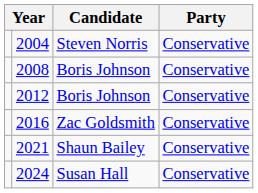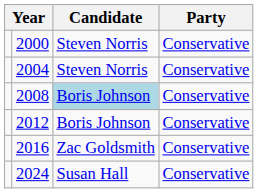 <table class="wikitable">
 <tr>
 <th colspan="2">Year</th>
 <th>Candidate</th>
 <th>Party</th>
+</tr>
+<tr>
+<td style="background-color: "></td>
+<td><a href='#'>2000</a></td>
+<td><a href='#'>Steven Norris</a></td>
+<td><a href='#'>Conservative</a></td>
 </tr>
 <tr>
 <td style="background-color: "></td>
 <td><a href='#'>2004</a></td>
 <td><a href='#'>Steven Norris</a></td>
 <td><a href='#'>Conservative</a></td>
 </tr>
 <tr>
 <td style="background-color: "></td>
 <td><a href='#'>2008</a></td>
-<td><a href='#'>Boris Johnson</a></td>
+<td style="background: lightblue;"><a href='#'>Boris Johnson</a></td>
 <td><a href='#'>Conservative</a></td>
 </tr>
 <tr>
 <td style="background-color: "></td>
 <td><a href='#'>2012</a></td>
 <td><a href='#'>Boris Johnson</a></td>
 <td><a href='#'>Conservative</a></td>
 </tr>
 <tr>
 <td style="background-color: "></td>
 <td><a href='#'>2016</a></td>
 <td><a href='#'>Zac Goldsmith</a></td>
 <td><a href='#'>Conservative</a></td>
 </tr>
 <tr>
 <td style="background-color: "></td>
-<td><a href='#'>2021</a></td>
-<td><a href='#'>Shaun Bailey</a></td>
-<td><a href='#'>Conservative</a></td>
-</tr>
-<tr>
-<td style="background-color: "></td>
 <td><a href='#'>2024</a></td>
 <td><a href='#'>Susan Hall</a></td>
 <td><a href='#'>Conservative</a></td>
 </tr>
 </table>
